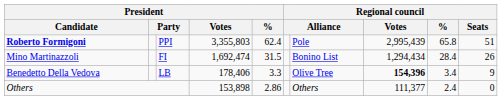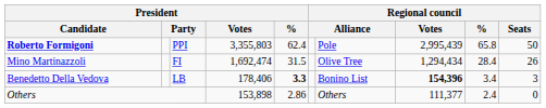 <table class="wikitable" style="text-align:right; style="width=65%">
 <tr>
 <th colspan="5">President</th>
 <th colspan="7">Regional council</th>
 </tr>
 <tr>
 <th>Candidate</th>
 <th colspan="2">Party</th>
 <th>Votes</th>
 <th>%</th>
 <th colspan="2">Alliance</th>
 <th>Votes</th>
 <th>%</th>
 <th>Seats</th>
 </tr>
 <tr>
 <td style="text-align:left"><strong><a href='#'>Roberto Formigoni</a></strong></td>
 <td></td>
 <td style="text-align:left"><a href='#'>PPI</a></td>
 <td>3,355,803</td>
 <td>62.4</td>
 <td></td>
 <td style="text-align:left"><a href='#'>Pole</a></td>
 <td>2,995,439</td>
 <td>65.8</td>
-<td>51</td>
+<td>50</td>
 </tr>
 <tr>
 <td style="text-align:left"><a href='#'>Mino Martinazzoli</a></td>
 <td></td>
 <td style="text-align:left"><a href='#'>FI</a></td>
 <td>1,692,474</td>
 <td>31.5</td>
 <td></td>
-<td style="text-align:left"><a href='#'>Bonino List</a></td>
+<td style="text-align:left"><a href='#'>Olive Tree</a></td>
 <td>1,294,434</td>
 <td>28.4</td>
 <td>26</td>
 </tr>
 <tr>
 <td style="text-align:left"><a href='#'>Benedetto Della Vedova</a></td>
 <td></td>
 <td style="text-align:left"><a href='#'>LB</a></td>
 <td>178,406</td>
-<td>3.3</td>
+<td><strong>3.3</strong></td>
 <td></td>
-<td style="text-align:left"><a href='#'>Olive Tree</a></td>
+<td style="text-align:left"><a href='#'>Bonino List</a></td>
 <td><strong>154,396</strong></td>
 <td>3.4</td>
-<td>9</td>
+<td>3</td>
 </tr>
 <tr>
 <td colspan="3" style="text-align:left"><em>Others</em></td>
 <td>153,898</td>
 <td>2.86</td>
 <td></td>
 <td style="text-align:left"><em>Others</em></td>
 <td>111,377</td>
 <td>2.4</td>
 <td>0</td>
 </tr>
 </table>
